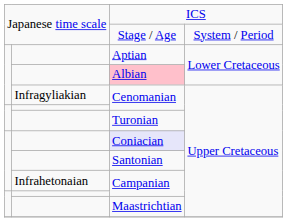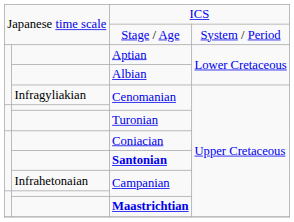 <table class="wikitable">
 <tr align="center">
 <td rowspan="2" colspan="2">Japanese <a href='#'>time scale</a></td>
 <td colspan="2"><a href='#'>ICS</a></td>
 </tr>
 <tr align="center">
 <td><a href='#'>Stage</a> / <a href='#'>Age</a></td>
 <td><a href='#'>System</a> / <a href='#'>Period</a></td>
 </tr>
 <tr>
 <td rowspan="3"></td>
 <td></td>
 <td><a href='#'>Aptian</a></td>
 <td rowspan="2"><a href='#'>Lower Cretaceous</a></td>
 </tr>
 <tr>
 <td></td>
-<td style="background: pink;"><a href='#'>Albian</a></td>
+<td><a href='#'>Albian</a></td>
 </tr>
 <tr>
 <td>Infragyliakian</td>
 <td rowspan="2"><a href='#'>Cenomanian</a></td>
 <td rowspan="8"><a href='#'>Upper Cretaceous</a></td>
 </tr>
 <tr>
 <td rowspan="2"></td>
 <td></td>
 </tr>
 <tr>
 <td></td>
 <td><a href='#'>Turonian</a></td>
 </tr>
 <tr>
 <td rowspan="3"></td>
 <td></td>
-<td style="background: lavender;"><a href='#'>Coniacian</a></td>
+<td><a href='#'>Coniacian</a></td>
 </tr>
 <tr>
 <td></td>
-<td><a href='#'>Santonian</a></td>
+<td><strong><a href='#'>Santonian</a></strong></td>
 </tr>
 <tr>
 <td>Infrahetonaian</td>
 <td rowspan="2"><a href='#'>Campanian</a></td>
 </tr>
 <tr>
 <td rowspan="2"></td>
 <td></td>
 </tr>
 <tr>
 <td></td>
-<td><a href='#'>Maastrichtian</a></td>
+<td><strong><a href='#'>Maastrichtian</a></strong></td>
 </tr>
 <tr>
 </tr>
 </table>
